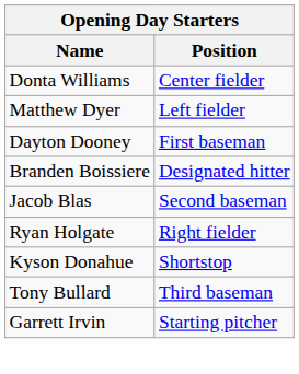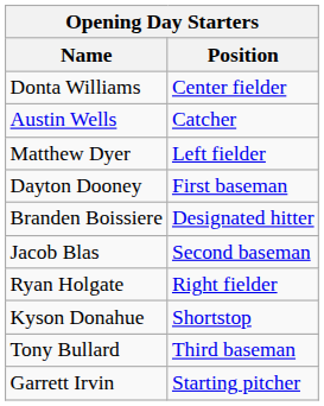 <table class="wikitable" style="text-align:left">
 <tr>
 <th colspan="2">Opening Day Starters</th>
 </tr>
 <tr>
 <th>Name</th>
 <th>Position</th>
 </tr>
 <tr>
 <td>Donta Williams</td>
 <td><a href='#'>Center fielder</a></td>
+</tr>
+<tr>
+<td><a href='#'>Austin Wells</a></td>
+<td><a href='#'>Catcher</a></td>
 </tr>
 <tr>
 <td>Matthew Dyer</td>
 <td><a href='#'>Left fielder</a></td>
 </tr>
 <tr>
 <td>Dayton Dooney</td>
 <td><a href='#'>First baseman</a></td>
 </tr>
 <tr>
 <td>Branden Boissiere</td>
 <td><a href='#'>Designated hitter</a></td>
 </tr>
 <tr>
 <td>Jacob Blas</td>
 <td><a href='#'>Second baseman</a></td>
 </tr>
 <tr>
 <td>Ryan Holgate</td>
 <td><a href='#'>Right fielder</a></td>
 </tr>
 <tr>
 <td>Kyson Donahue</td>
 <td><a href='#'>Shortstop</a></td>
 </tr>
 <tr>
 <td>Tony Bullard</td>
 <td><a href='#'>Third baseman</a></td>
 </tr>
 <tr>
 <td>Garrett Irvin</td>
 <td><a href='#'>Starting pitcher</a></td>
 </tr>
 </table>
